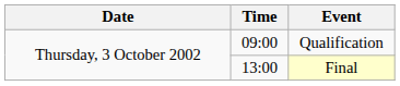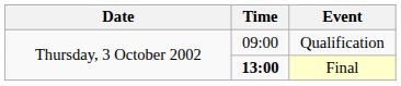 <table class = "wikitable" style="text-align:center;">
 <tr>
 <th width=220>Date</th>
 <th width=50>Time</th>
 <th width=100>Event</th>
 </tr>
 <tr>
 <td rowspan=2>Thursday, 3 October 2002</td>
 <td>09:00</td>
 <td>Qualification</td>
 </tr>
 <tr>
-<td>13:00</td>
+<td><strong>13:00</strong></td>
 <td bgcolor=ffffcc>Final</td>
 </tr>
 </table>
